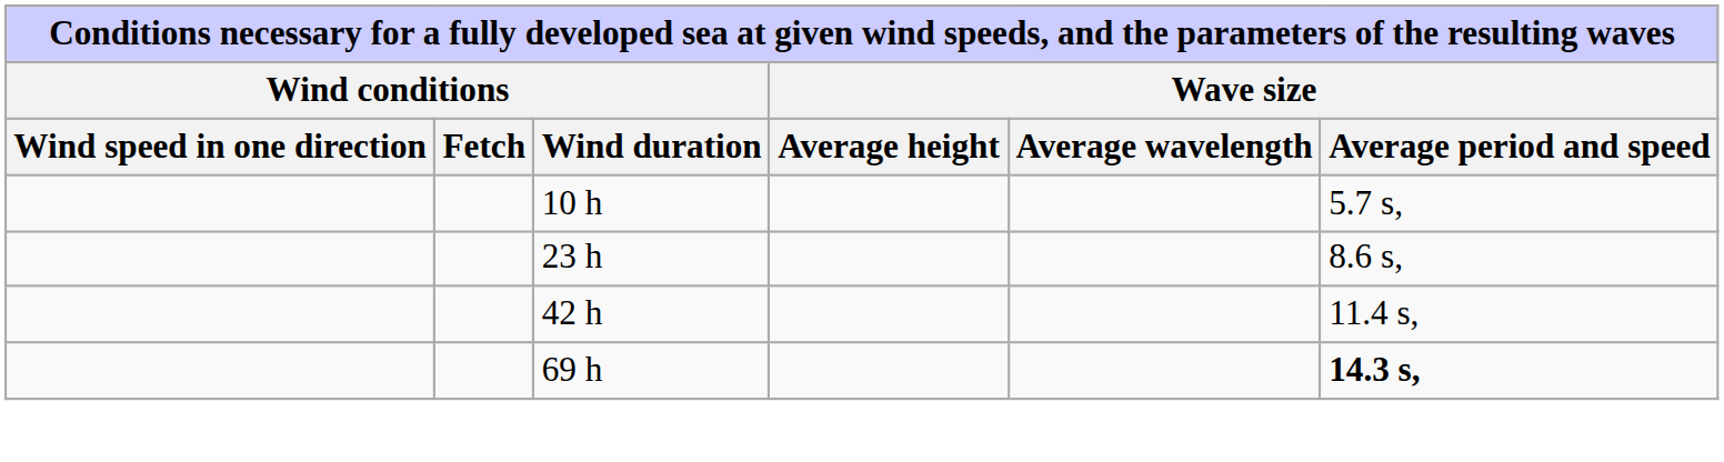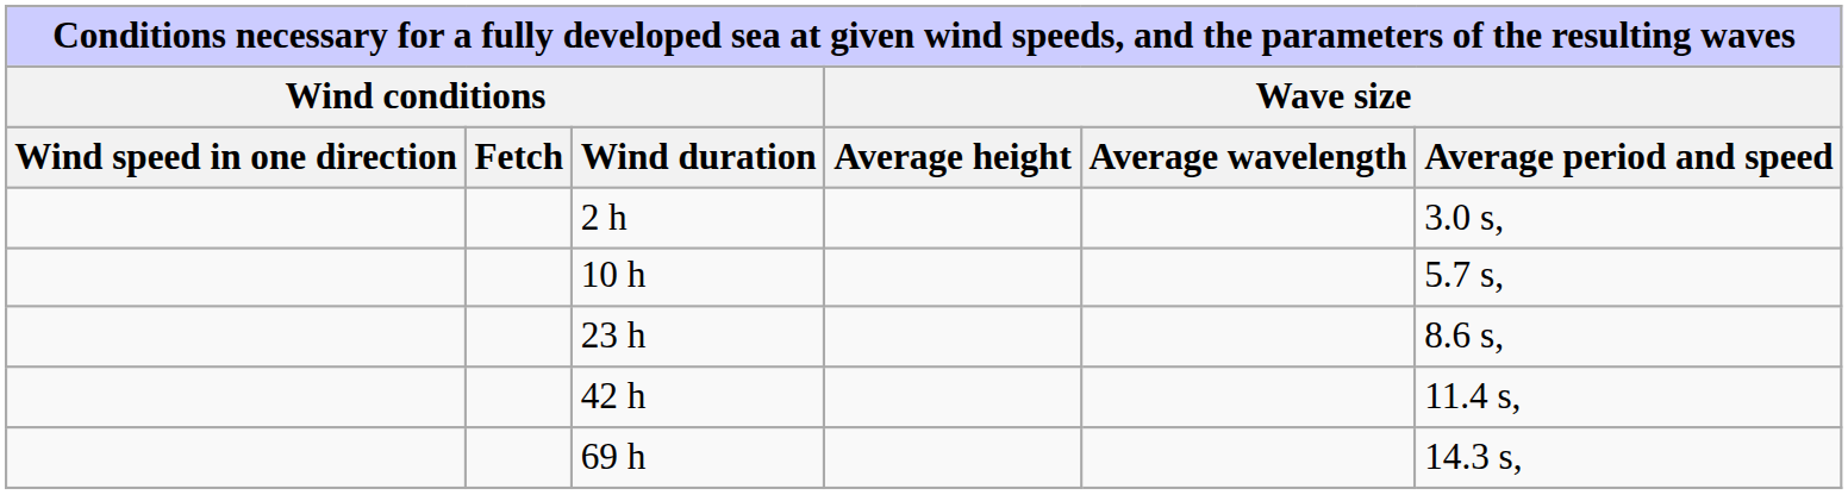 <table class="collapsible wikitable" border="1" style="font-size:92%;align:center";>
 <tr>
 <th colspan=6 style="background: #ccf;">Conditions necessary for a fully developed sea at given wind speeds, and the parameters of the resulting waves</th>
 </tr>
 <tr>
 <th colspan=3 style>Wind conditions</th>
 <th colspan= 3 style>Wave size</th>
 </tr>
 <tr>
 <th>Wind speed in one direction</th>
 <th>Fetch</th>
 <th>Wind duration</th>
 <th>Average height</th>
 <th>Average wavelength</th>
 <th>Average period and speed</th>
+</tr>
+<tr>
+<td></td>
+<td></td>
+<td>2 h</td>
+<td></td>
+<td></td>
+<td>3.0 s, </td>
 </tr>
 <tr>
 <td></td>
 <td></td>
 <td>10 h</td>
 <td></td>
 <td></td>
 <td>5.7 s, </td>
 </tr>
 <tr>
 <td></td>
 <td></td>
 <td>23 h</td>
 <td></td>
 <td></td>
 <td>8.6 s, </td>
 </tr>
 <tr>
 <td></td>
 <td></td>
 <td>42 h</td>
 <td></td>
 <td></td>
 <td>11.4 s, </td>
 </tr>
 <tr>
 <td></td>
 <td></td>
 <td>69 h</td>
 <td></td>
 <td></td>
-<td><strong>14.3 s, </strong></td>
+<td>14.3 s, </td>
 </tr>
 </table>
